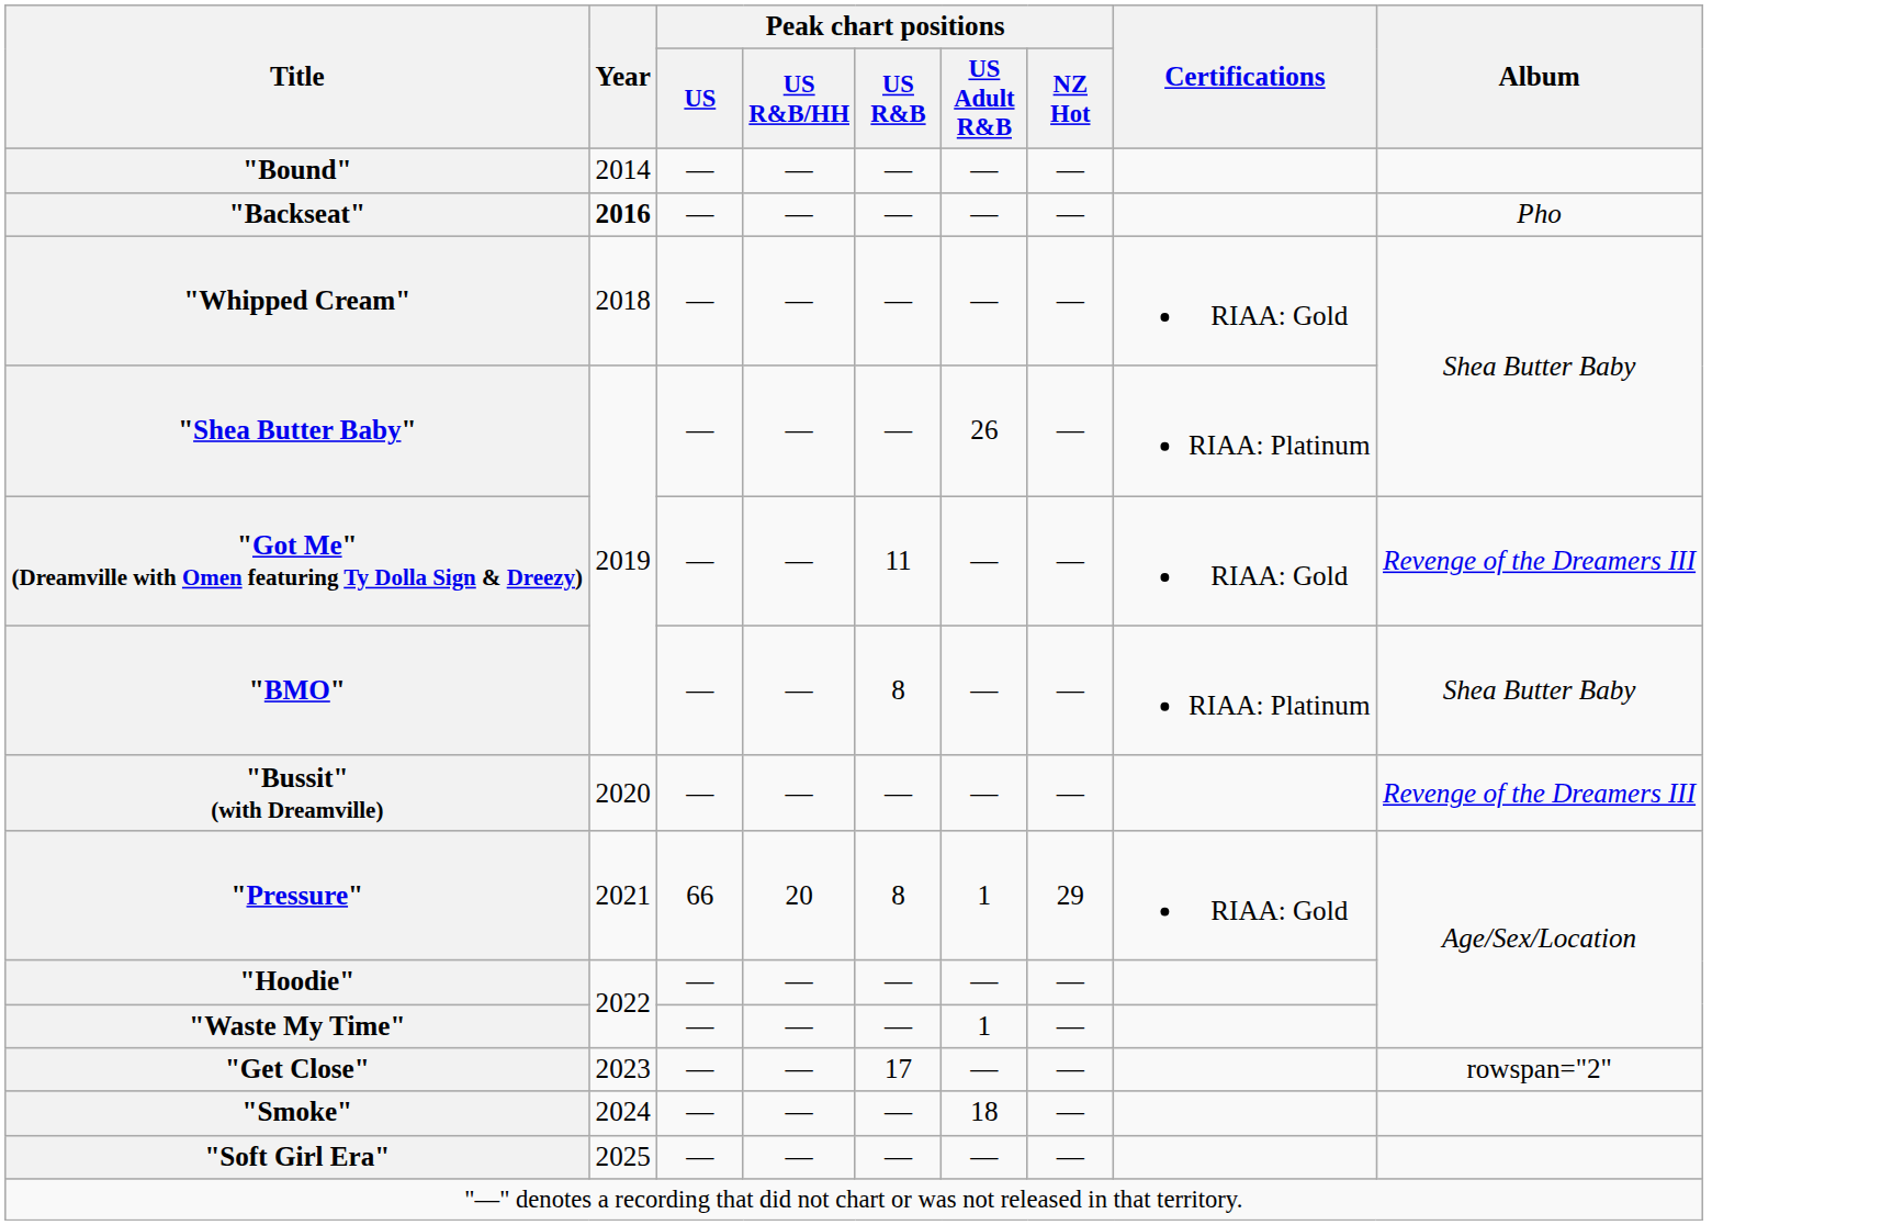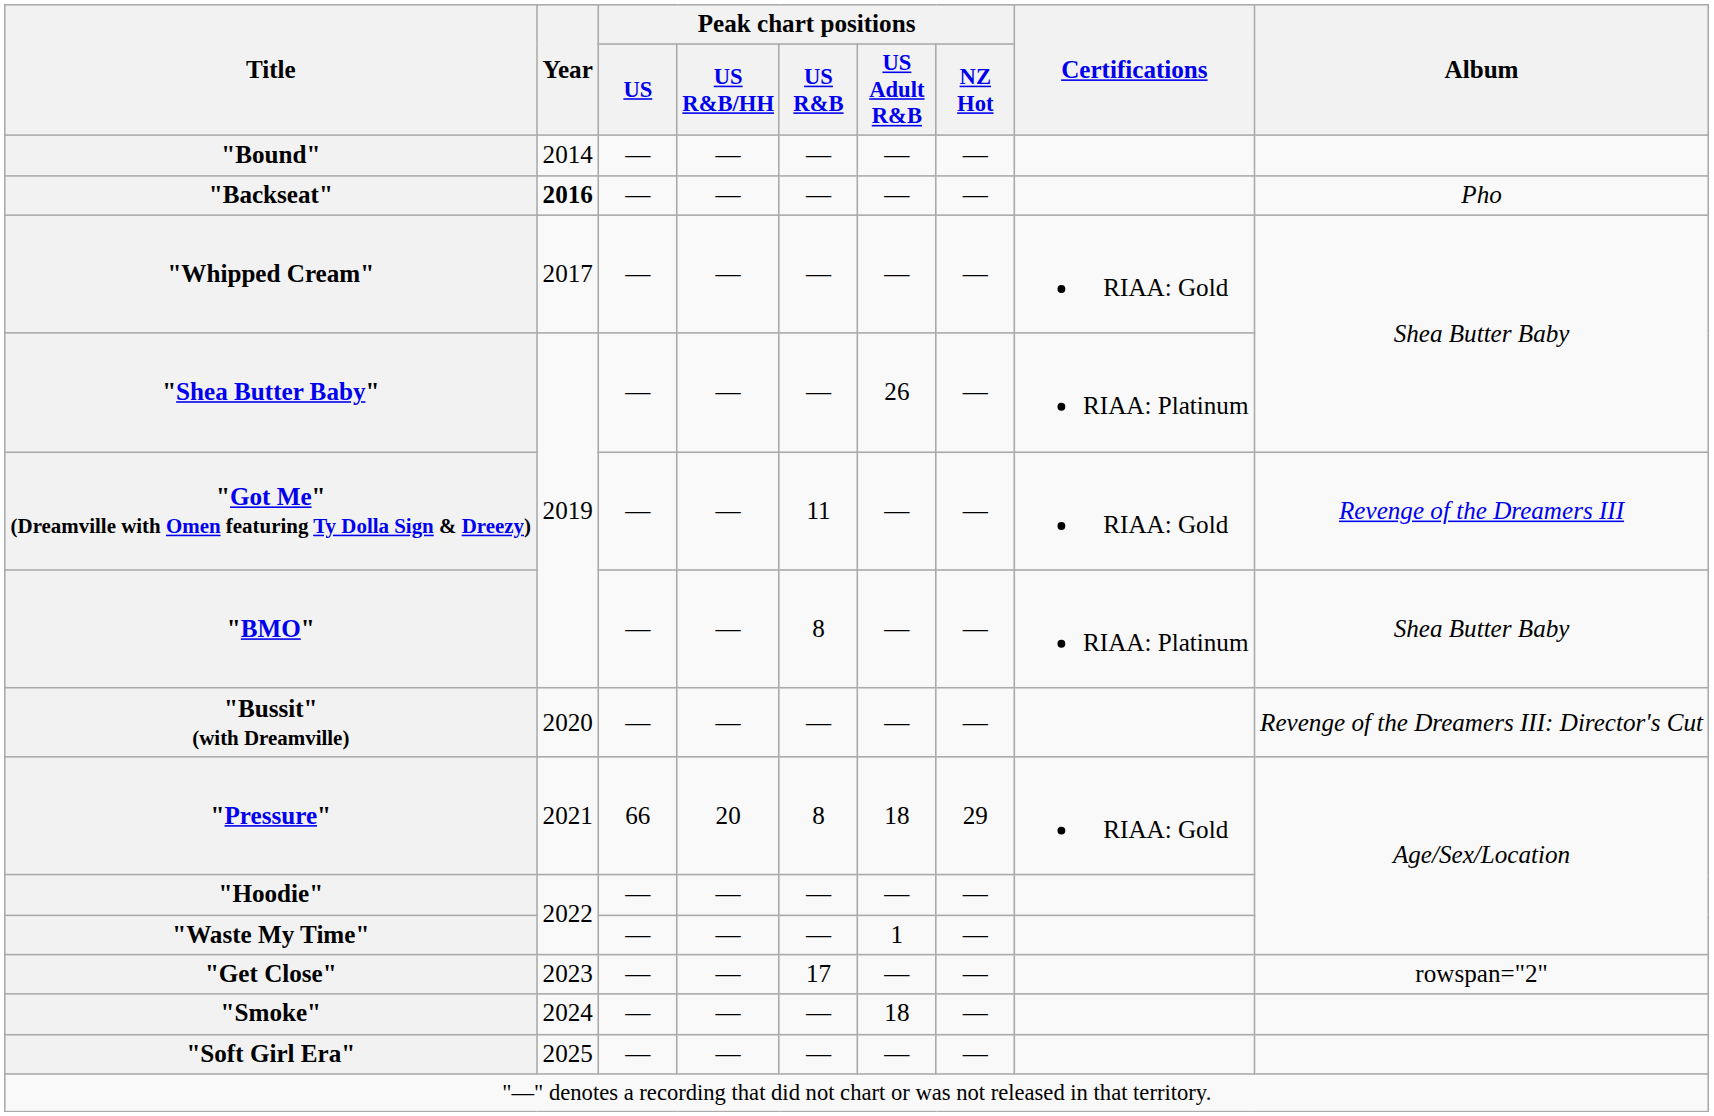 <table class="wikitable plainrowheaders" style="text-align:center;">
 <tr>
 <th scope="col" rowspan="2">Title</th>
 <th scope="col" rowspan="2">Year</th>
 <th scope="col" colspan="5">Peak chart positions</th>
 <th scope="col" rowspan="2"><a href='#'>Certifications</a></th>
 <th scope="col" rowspan="2">Album</th>
 </tr>
 <tr>
 <th scope="col" style="width:3em;font-size:90%;"><a href='#'>US</a><br></th>
 <th scope="col" style="width:3em;font-size:90%;"><a href='#'>US<br>R&B/HH</a><br></th>
 <th scope="col" style="width:3em;font-size:90%;"><a href='#'>US<br>R&B</a><br></th>
 <th scope="col" style="width:3em;font-size:90%;"><a href='#'>US<br>Adult R&B</a><br></th>
 <th scope="col" style="width:3em;font-size:90%;"><a href='#'>NZ<br>Hot</a><br></th>
 </tr>
 <tr>
 <th scope="row">"Bound"</th>
 <td>2014</td>
 <td>—</td>
 <td>—</td>
 <td>—</td>
 <td>—</td>
 <td>—</td>
 <td></td>
 <td></td>
 </tr>
 <tr>
 <th scope="row">"Backseat"<br></th>
 <td><strong>2016</strong></td>
 <td>—</td>
 <td>—</td>
 <td>—</td>
 <td>—</td>
 <td>—</td>
 <td></td>
 <td><em>Pho</em></td>
 </tr>
 <tr>
 <th scope="row">"Whipped Cream"</th>
-<td>2018</td>
+<td>2017</td>
 <td>—</td>
 <td>—</td>
 <td>—</td>
 <td>—</td>
 <td>—</td>
 <td><br><ul><li>RIAA: Gold</li></ul></td>
 <td rowspan="2"><em>Shea Butter Baby</em></td>
 </tr>
 <tr>
 <th scope="row">"<a href='#'>Shea Butter Baby</a>"<br></th>
 <td rowspan="3">2019</td>
 <td>—</td>
 <td>—</td>
 <td>—</td>
 <td>26</td>
 <td>—</td>
 <td><br><ul><li>RIAA: Platinum</li></ul></td>
 </tr>
 <tr>
 <th scope="row">"<a href='#'>Got Me</a>"<br><small>(Dreamville with <a href='#'>Omen</a> featuring <a href='#'>Ty Dolla Sign</a> & <a href='#'>Dreezy</a>)</small></th>
 <td>—</td>
 <td>—</td>
 <td>11</td>
 <td>—</td>
 <td>—</td>
 <td><br><ul><li>RIAA: Gold</li></ul></td>
 <td><em><a href='#'>Revenge of the Dreamers III</a></em></td>
 </tr>
 <tr>
 <th scope="row">"<a href='#'>BMO</a>"</th>
 <td>—</td>
 <td>—</td>
 <td>8</td>
 <td>—</td>
 <td>—</td>
 <td><br><ul><li>RIAA: Platinum</li></ul></td>
 <td><em>Shea Butter Baby</em></td>
 </tr>
 <tr>
 <th scope="row">"Bussit"<br><small>(with Dreamville)</small></th>
 <td>2020</td>
 <td>—</td>
 <td>—</td>
 <td>—</td>
 <td>—</td>
 <td>—</td>
 <td></td>
-<td><em><a href='#'>Revenge of the Dreamers III</a></em></td>
+<td><em>Revenge of the Dreamers III: Director's Cut</em></td>
 </tr>
 <tr>
 <th scope="row">"<a href='#'>Pressure</a>"</th>
 <td>2021</td>
 <td>66</td>
 <td>20</td>
 <td>8</td>
-<td>1</td>
+<td>18</td>
 <td>29</td>
 <td><br><ul><li>RIAA: Gold</li></ul></td>
 <td rowspan="3"><em>Age/Sex/Location</em></td>
 </tr>
 <tr>
 <th scope="row">"Hoodie"</th>
 <td rowspan="2">2022</td>
 <td>—</td>
 <td>—</td>
 <td>—</td>
 <td>—</td>
 <td>—</td>
 <td></td>
 </tr>
 <tr>
 <th scope="row">"Waste My Time"</th>
 <td>—</td>
 <td>—</td>
 <td>—</td>
 <td>1</td>
 <td>—</td>
 <td></td>
 </tr>
 <tr>
 <th scope="row">"Get Close"</th>
 <td>2023</td>
 <td>—</td>
 <td>—</td>
 <td>17</td>
 <td>—</td>
 <td>—</td>
 <td></td>
 <td>rowspan="2" </td>
 </tr>
 <tr>
 <th scope="row">"Smoke"</th>
 <td>2024</td>
 <td>—</td>
 <td>—</td>
 <td>—</td>
 <td>18</td>
 <td>—</td>
 <td></td>
 </tr>
 <tr>
 <th scope="row">"Soft Girl Era"</th>
 <td>2025</td>
 <td>—</td>
 <td>—</td>
 <td>—</td>
 <td>—</td>
 <td>—</td>
 <td></td>
 <td></td>
 </tr>
 <tr>
 <td colspan="10" style="font-size:90%">"—" denotes a recording that did not chart or was not released in that territory.</td>
 </tr>
 </table>
